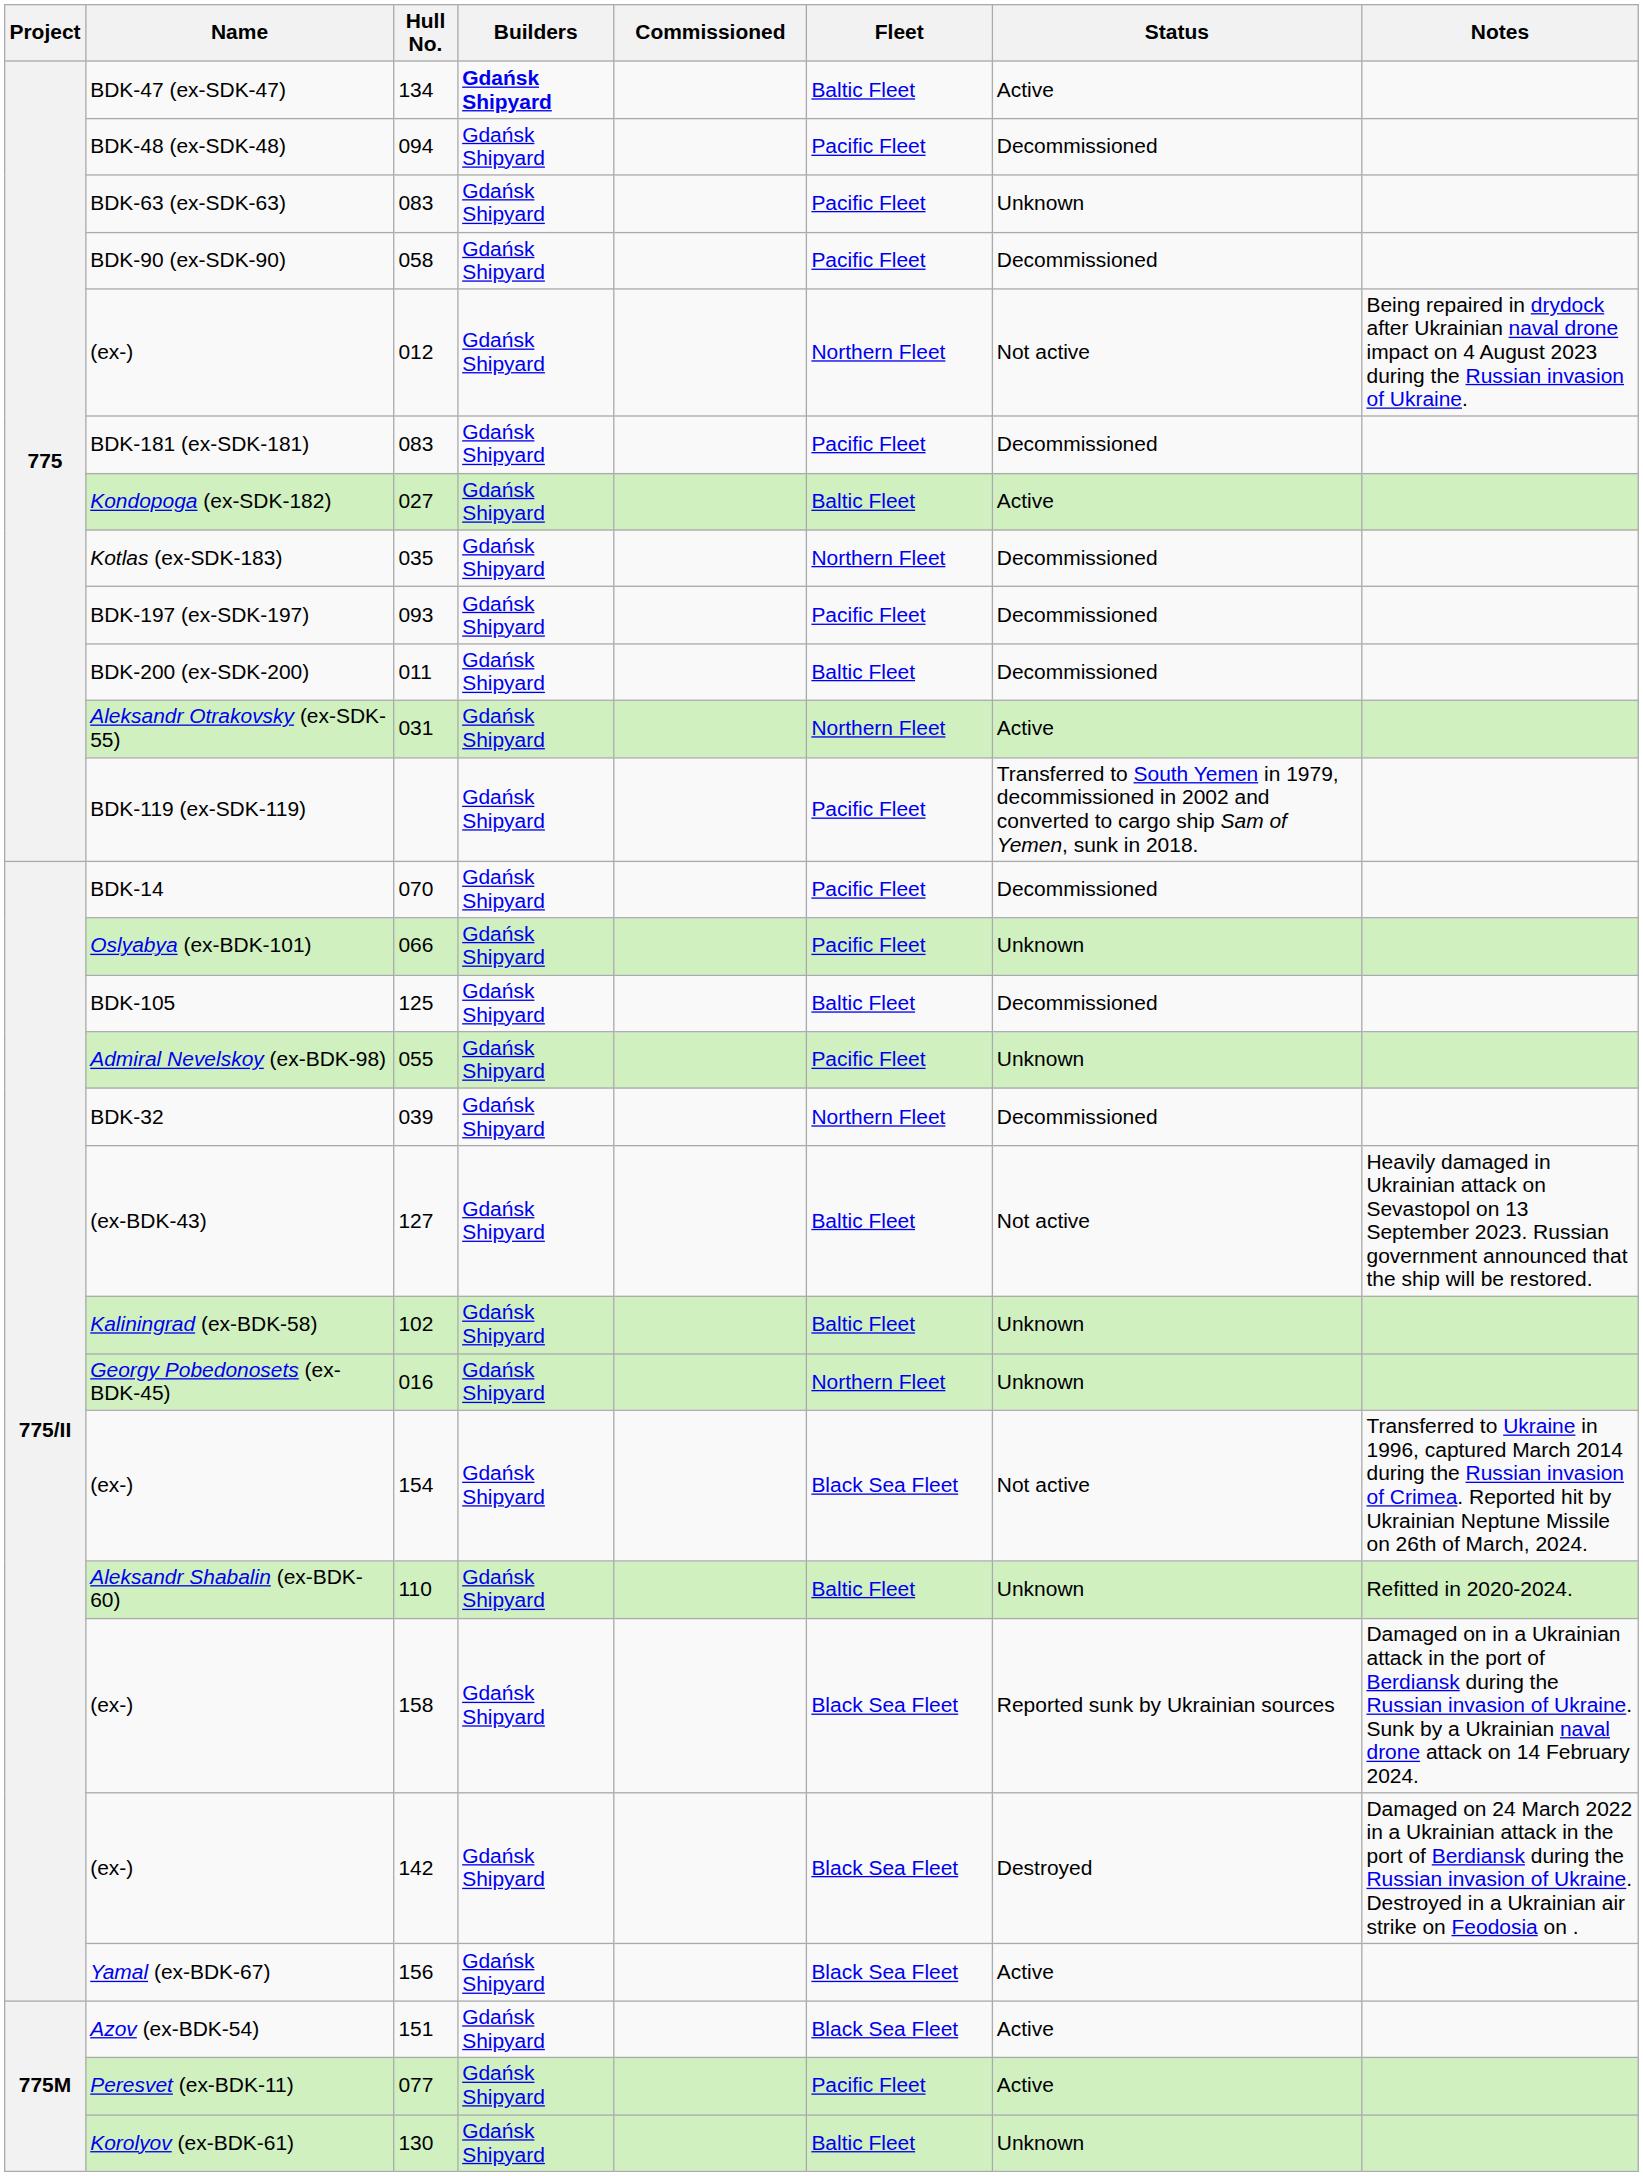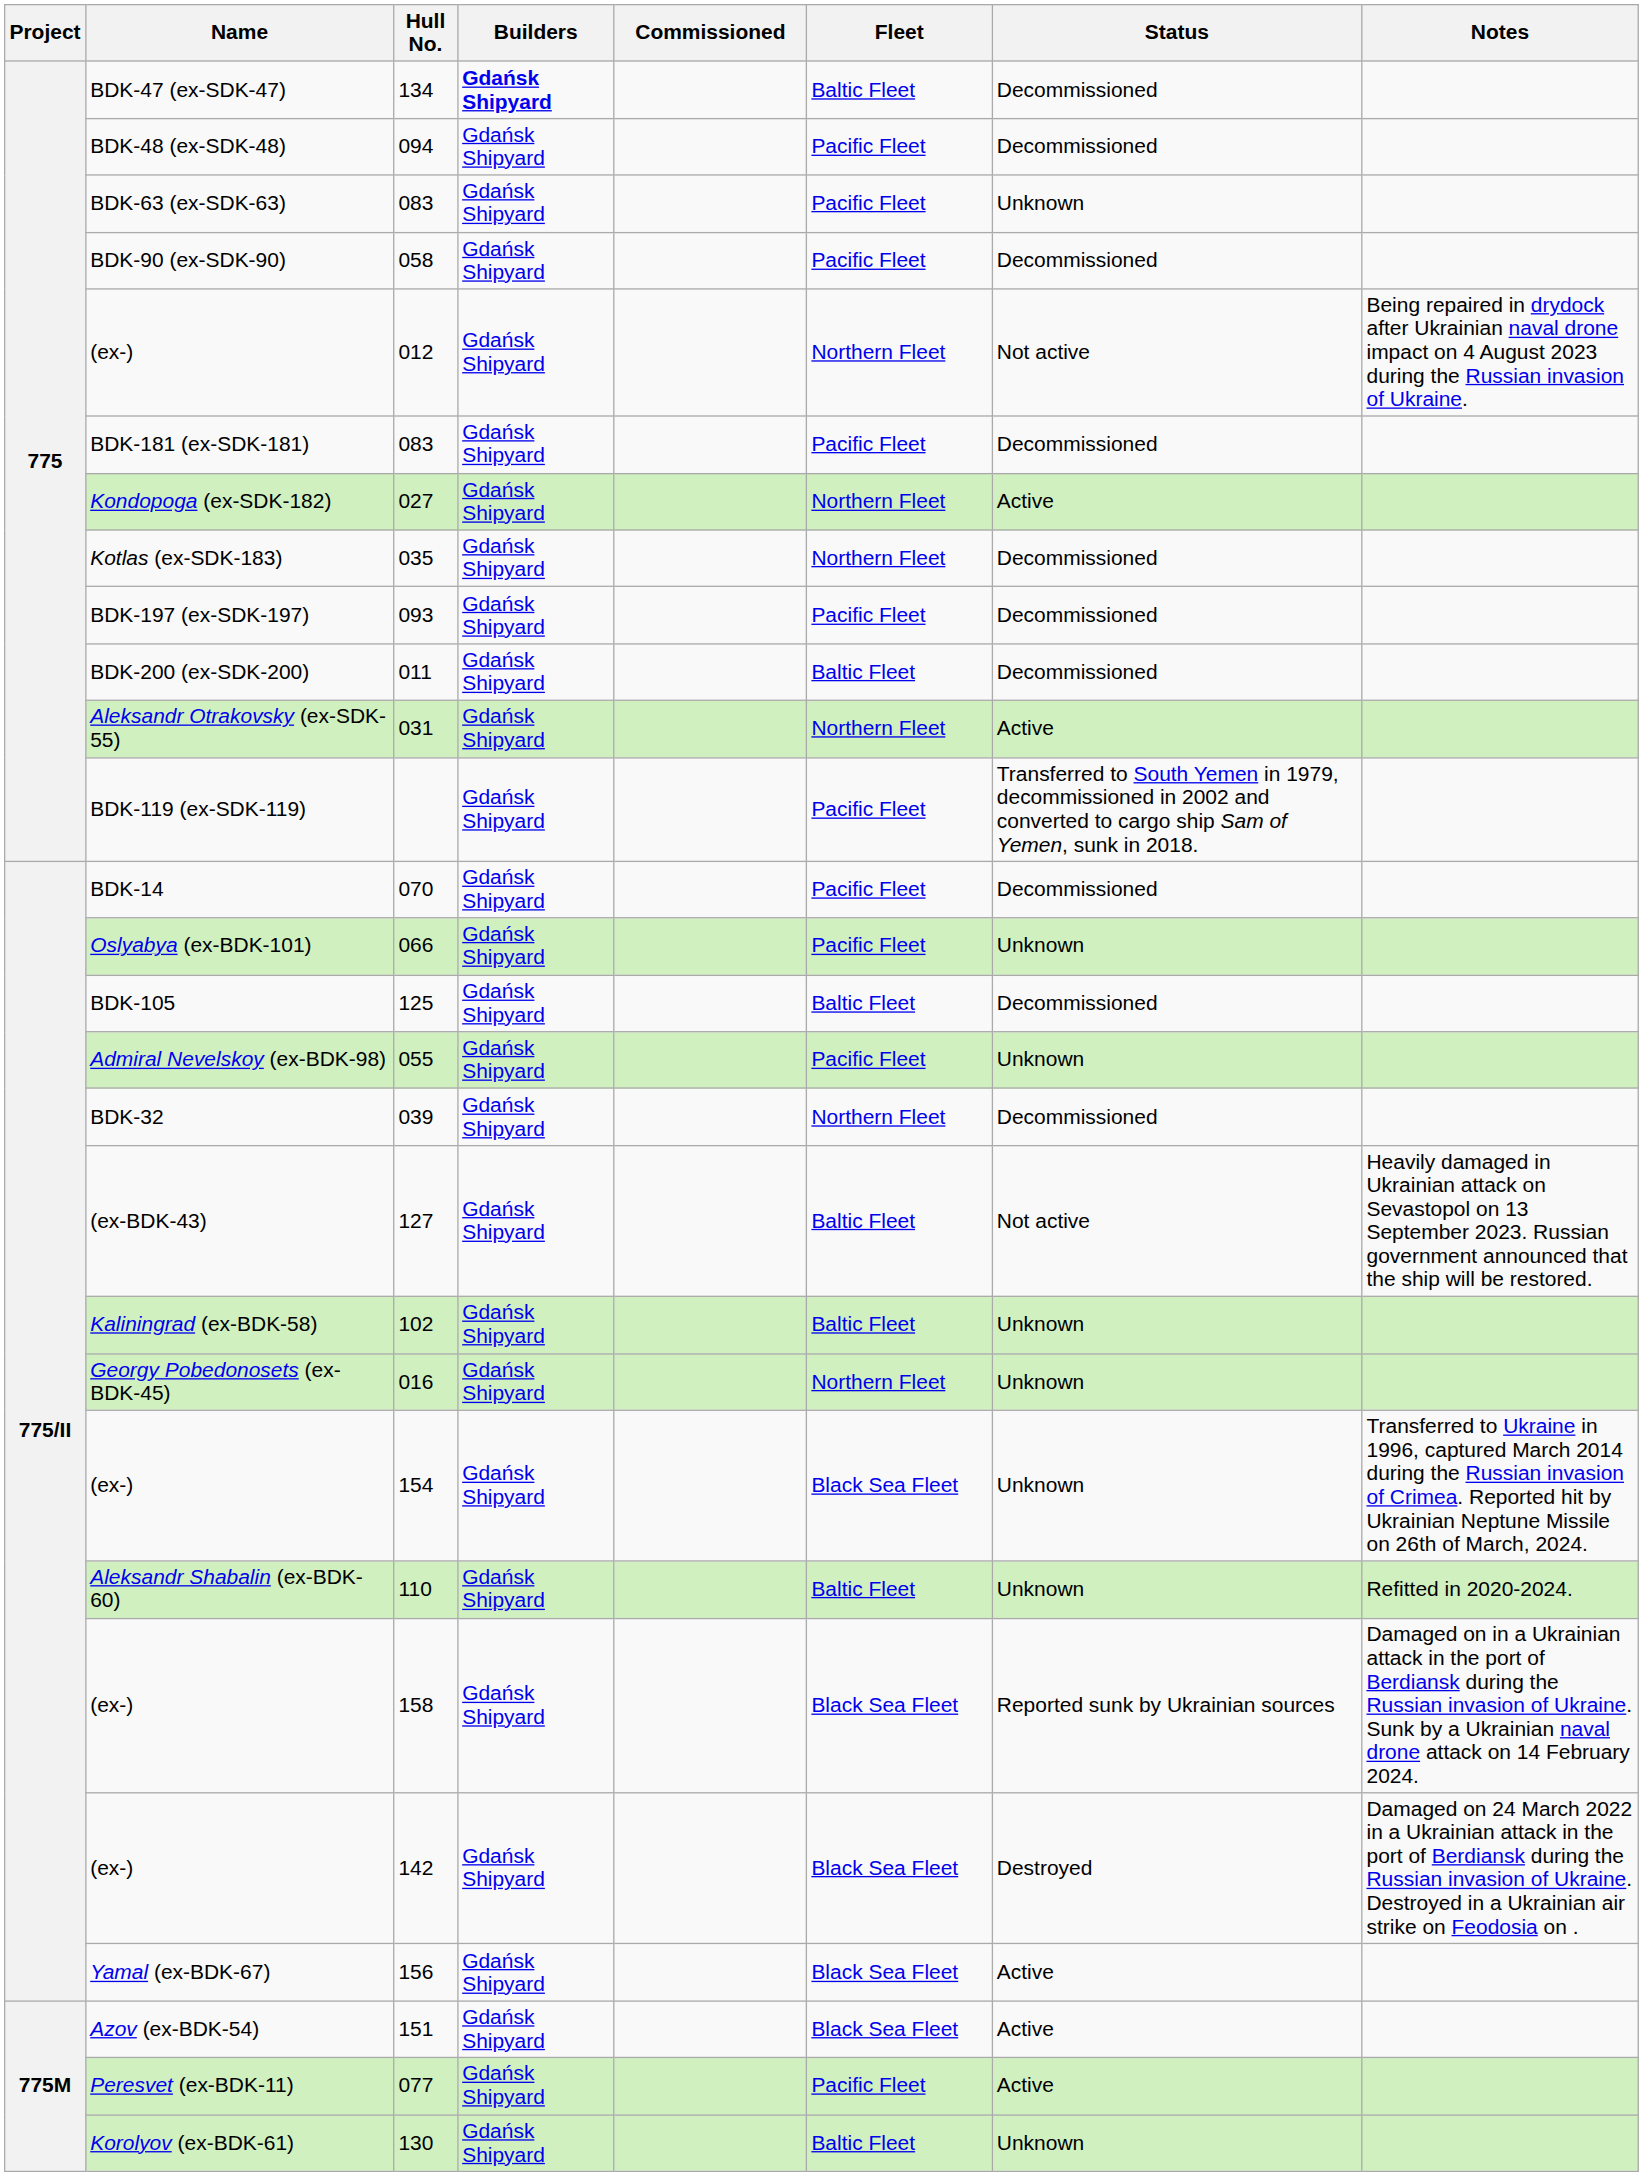 <table class="wikitable sortable">
 <tr>
 <th>Project</th>
 <th style="width:20%;">Name</th>
 <th style="width:4%;">Hull No.</th>
 <th style="width:10%;">Builders</th>
 <th style="width:12%;">Commissioned</th>
 <th style="width:12%;">Fleet</th>
 <th style="width:24%;">Status</th>
 <th style="width:18%;">Notes</th>
 </tr>
 <tr>
 <th rowspan="12">775</th>
 <td>BDK-47 (ex-SDK-47)</td>
 <td>134</td>
 <td><strong><a href='#'>Gdańsk Shipyard</a></strong></td>
 <td></td>
 <td><a href='#'>Baltic Fleet</a></td>
-<td>Active</td>
+<td>Decommissioned </td>
 <td></td>
 </tr>
 <tr>
 <td>BDK-48 (ex-SDK-48)</td>
 <td>094</td>
 <td><a href='#'>Gdańsk Shipyard</a></td>
 <td></td>
 <td><a href='#'>Pacific Fleet</a></td>
 <td>Decommissioned </td>
 <td></td>
 </tr>
 <tr>
 <td>BDK-63 (ex-SDK-63)</td>
 <td>083</td>
 <td><a href='#'>Gdańsk Shipyard</a></td>
 <td></td>
 <td><a href='#'>Pacific Fleet</a></td>
 <td>Unknown</td>
 <td></td>
 </tr>
 <tr>
 <td>BDK-90 (ex-SDK-90)</td>
 <td>058</td>
 <td><a href='#'>Gdańsk Shipyard</a></td>
 <td></td>
 <td><a href='#'>Pacific Fleet</a></td>
 <td>Decommissioned </td>
 <td></td>
 </tr>
 <tr>
 <td> (ex-)</td>
 <td>012</td>
 <td><a href='#'>Gdańsk Shipyard</a></td>
 <td></td>
 <td><a href='#'>Northern Fleet</a></td>
 <td>Not active</td>
 <td>Being repaired in <a href='#'>drydock</a>  after Ukrainian <a href='#'>naval drone</a> impact on 4 August 2023 during the <a href='#'>Russian invasion of Ukraine</a>.</td>
 </tr>
 <tr>
 <td>BDK-181 (ex-SDK-181)</td>
 <td>083</td>
 <td><a href='#'>Gdańsk Shipyard</a></td>
 <td></td>
 <td><a href='#'>Pacific Fleet</a></td>
 <td>Decommissioned </td>
 <td></td>
 </tr>
 <tr style="background: #D0F0C0">
 <td><a href='#'><em>Kondopoga</em></a> (ex-SDK-182)</td>
 <td>027</td>
 <td><a href='#'>Gdańsk Shipyard</a></td>
 <td></td>
-<td><a href='#'>Baltic Fleet</a></td>
+<td><a href='#'>Northern Fleet</a></td>
 <td>Active</td>
 <td></td>
 </tr>
 <tr>
 <td><em>Kotlas</em> (ex-SDK-183)</td>
 <td>035</td>
 <td><a href='#'>Gdańsk Shipyard</a></td>
 <td></td>
 <td><a href='#'>Northern Fleet</a></td>
 <td>Decommissioned </td>
 <td></td>
 </tr>
 <tr>
 <td>BDK-197 (ex-SDK-197)</td>
 <td>093</td>
 <td><a href='#'>Gdańsk Shipyard</a></td>
 <td></td>
 <td><a href='#'>Pacific Fleet</a></td>
 <td>Decommissioned </td>
 <td></td>
 </tr>
 <tr>
 <td>BDK-200 (ex-SDK-200)</td>
 <td>011</td>
 <td><a href='#'>Gdańsk Shipyard</a></td>
 <td></td>
 <td><a href='#'>Baltic Fleet</a></td>
 <td>Decommissioned </td>
 <td></td>
 </tr>
 <tr style="background: #D0F0C0">
 <td><a href='#'><em>Aleksandr Otrakovsky</em></a> (ex-SDK-55)</td>
 <td>031</td>
 <td><a href='#'>Gdańsk Shipyard</a></td>
 <td></td>
 <td><a href='#'>Northern Fleet</a></td>
 <td>Active</td>
 <td></td>
 </tr>
 <tr>
 <td>BDK-119 (ex-SDK-119)</td>
 <td></td>
 <td><a href='#'>Gdańsk Shipyard</a></td>
 <td></td>
 <td><a href='#'>Pacific Fleet</a></td>
 <td>Transferred to <a href='#'>South Yemen</a> in 1979, decommissioned in 2002 and converted to cargo ship <em>Sam of Yemen</em>, sunk in 2018.</td>
 <td></td>
 </tr>
 <tr>
 <th rowspan="13">775/II</th>
 <td>BDK-14</td>
 <td>070</td>
 <td><a href='#'>Gdańsk Shipyard</a></td>
 <td></td>
 <td><a href='#'>Pacific Fleet</a></td>
 <td>Decommissioned </td>
 <td></td>
 </tr>
 <tr style="background: #D0F0C0">
 <td><a href='#'><em>Oslyabya</em></a> (ex-BDK-101)</td>
 <td>066</td>
 <td><a href='#'>Gdańsk Shipyard</a></td>
 <td></td>
 <td><a href='#'>Pacific Fleet</a></td>
 <td>Unknown</td>
 <td></td>
 </tr>
 <tr>
 <td>BDK-105</td>
 <td>125</td>
 <td><a href='#'>Gdańsk Shipyard</a></td>
 <td></td>
 <td><a href='#'>Baltic Fleet</a></td>
 <td>Decommissioned </td>
 <td></td>
 </tr>
 <tr style="background: #D0F0C0">
 <td><a href='#'><em>Admiral Nevelskoy</em></a> (ex-BDK-98)</td>
 <td>055</td>
 <td><a href='#'>Gdańsk Shipyard</a></td>
 <td></td>
 <td><a href='#'>Pacific Fleet</a></td>
 <td>Unknown</td>
 <td></td>
 </tr>
 <tr>
 <td>BDK-32</td>
 <td>039</td>
 <td><a href='#'>Gdańsk Shipyard</a></td>
 <td></td>
 <td><a href='#'>Northern Fleet</a></td>
 <td>Decommissioned </td>
 <td></td>
 </tr>
 <tr>
 <td> (ex-BDK-43)</td>
 <td>127</td>
 <td><a href='#'>Gdańsk Shipyard</a></td>
 <td></td>
 <td><a href='#'>Baltic Fleet</a></td>
 <td>Not active</td>
 <td>Heavily damaged in Ukrainian attack on Sevastopol on 13 September 2023. Russian government announced that the ship will be restored.</td>
 </tr>
 <tr style="background: #D0F0C0">
 <td><a href='#'><em>Kaliningrad</em></a> (ex-BDK-58)</td>
 <td>102</td>
 <td><a href='#'>Gdańsk Shipyard</a></td>
 <td></td>
 <td><a href='#'>Baltic Fleet</a></td>
 <td>Unknown</td>
 <td></td>
 </tr>
 <tr style="background: #D0F0C0">
 <td><a href='#'><em>Georgy Pobedonosets</em></a> (ex-BDK-45)</td>
 <td>016</td>
 <td><a href='#'>Gdańsk Shipyard</a></td>
 <td></td>
 <td><a href='#'>Northern Fleet</a></td>
 <td>Unknown</td>
 <td></td>
 </tr>
 <tr>
 <td> (ex-)</td>
 <td>154</td>
 <td><a href='#'>Gdańsk Shipyard</a></td>
 <td></td>
 <td><a href='#'>Black Sea Fleet</a></td>
-<td>Not active</td>
+<td>Unknown</td>
 <td>Transferred to <a href='#'>Ukraine</a> in 1996, captured March 2014 during the <a href='#'>Russian invasion of Crimea</a>. Reported hit by Ukrainian Neptune Missile on 26th of March, 2024.</td>
 </tr>
 <tr style="background: #D0F0C0">
 <td><a href='#'><em>Aleksandr Shabalin</em></a> (ex-BDK-60)</td>
 <td>110</td>
 <td><a href='#'>Gdańsk Shipyard</a></td>
 <td></td>
 <td><a href='#'>Baltic Fleet</a></td>
 <td>Unknown</td>
 <td>Refitted in 2020-2024.</td>
 </tr>
 <tr>
 <td> (ex-)</td>
 <td>158</td>
 <td><a href='#'>Gdańsk Shipyard</a></td>
 <td></td>
 <td><a href='#'>Black Sea Fleet</a></td>
 <td>Reported sunk by Ukrainian sources</td>
 <td>Damaged on  in a Ukrainian attack in the port of <a href='#'>Berdiansk</a> during the <a href='#'>Russian invasion of Ukraine</a>. Sunk by a Ukrainian <a href='#'>naval drone</a> attack on 14 February 2024.</td>
 </tr>
 <tr>
 <td> (ex-)</td>
 <td>142</td>
 <td><a href='#'>Gdańsk Shipyard</a></td>
 <td></td>
 <td><a href='#'>Black Sea Fleet</a></td>
 <td>Destroyed</td>
 <td>Damaged on 24 March 2022 in a Ukrainian attack in the port of <a href='#'>Berdiansk</a> during the <a href='#'>Russian invasion of Ukraine</a>. Destroyed in a Ukrainian air strike on <a href='#'>Feodosia</a> on .</td>
 </tr>
 <tr>
 <td><em><a href='#'>Yamal</a></em> (ex-BDK-67)</td>
 <td>156</td>
 <td><a href='#'>Gdańsk Shipyard</a></td>
 <td></td>
 <td><a href='#'>Black Sea Fleet</a></td>
 <td>Active</td>
 <td></td>
 </tr>
 <tr>
 <th rowspan="3">775M</th>
 <td><em><a href='#'>Azov</a></em> (ex-BDK-54)</td>
 <td>151</td>
 <td><a href='#'>Gdańsk Shipyard</a></td>
 <td></td>
 <td><a href='#'>Black Sea Fleet</a></td>
 <td>Active</td>
 <td></td>
 </tr>
 <tr style="background: #D0F0C0">
 <td><a href='#'><em>Peresvet</em></a> (ex-BDK-11)</td>
 <td>077</td>
 <td><a href='#'>Gdańsk Shipyard</a></td>
 <td></td>
 <td><a href='#'>Pacific Fleet</a></td>
 <td>Active</td>
 <td></td>
 </tr>
 <tr style="background: #D0F0C0">
 <td><a href='#'><em>Korolyov</em></a> (ex-BDK-61)</td>
 <td>130</td>
 <td><a href='#'>Gdańsk Shipyard</a></td>
 <td></td>
 <td><a href='#'>Baltic Fleet</a></td>
 <td>Unknown</td>
 <td></td>
 </tr>
 </table>
